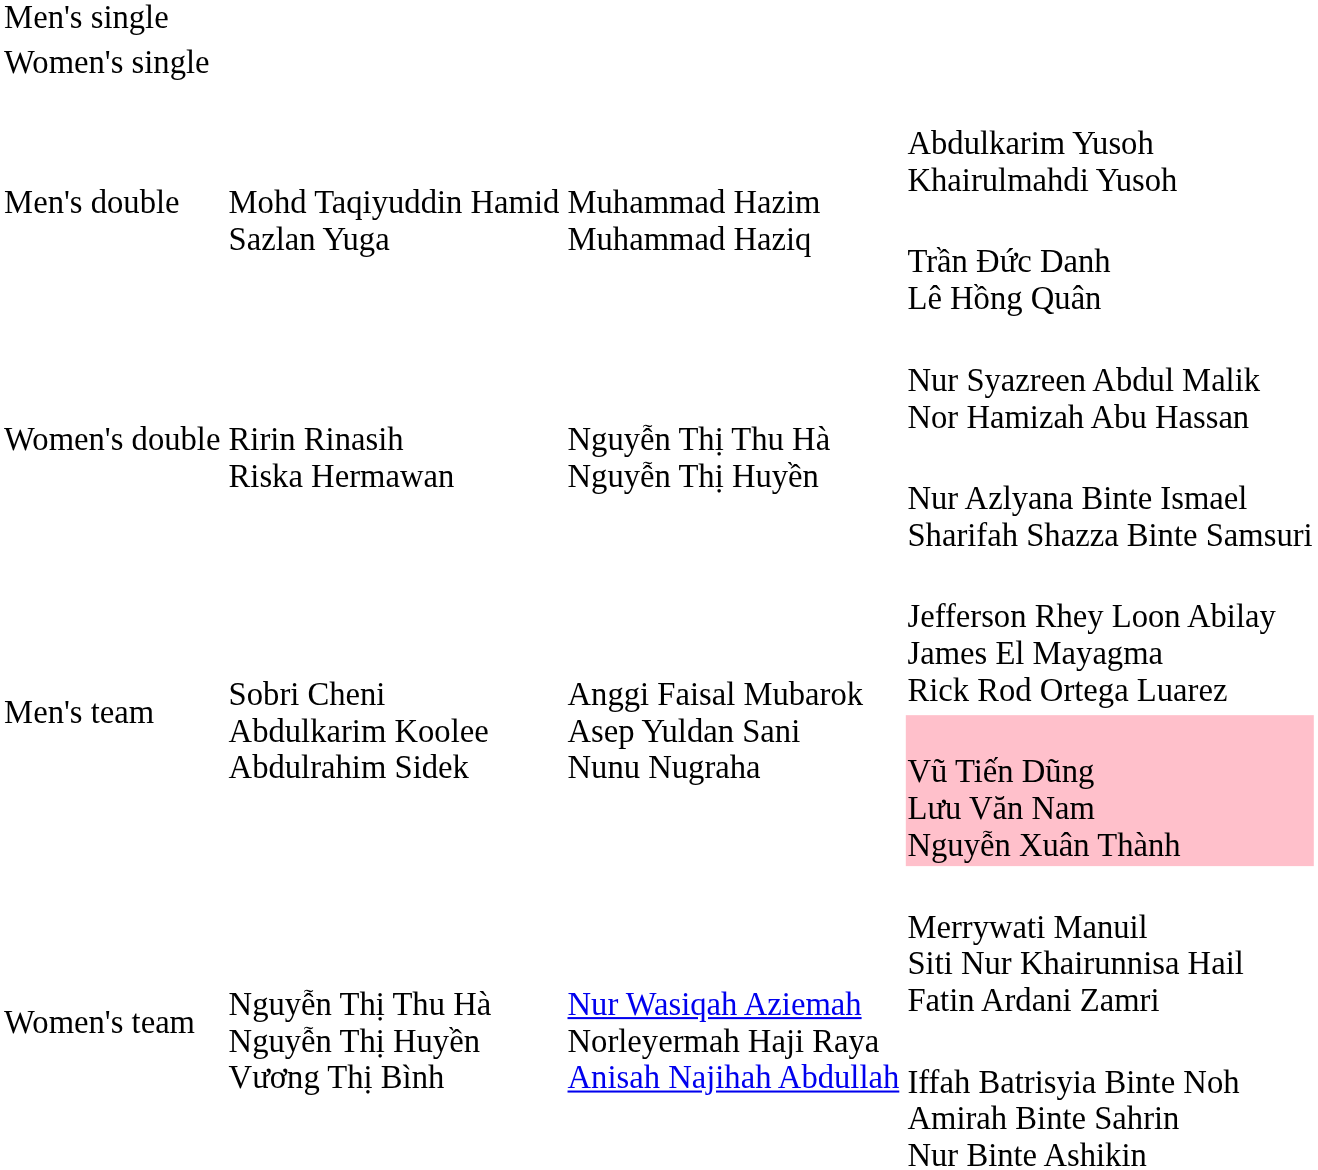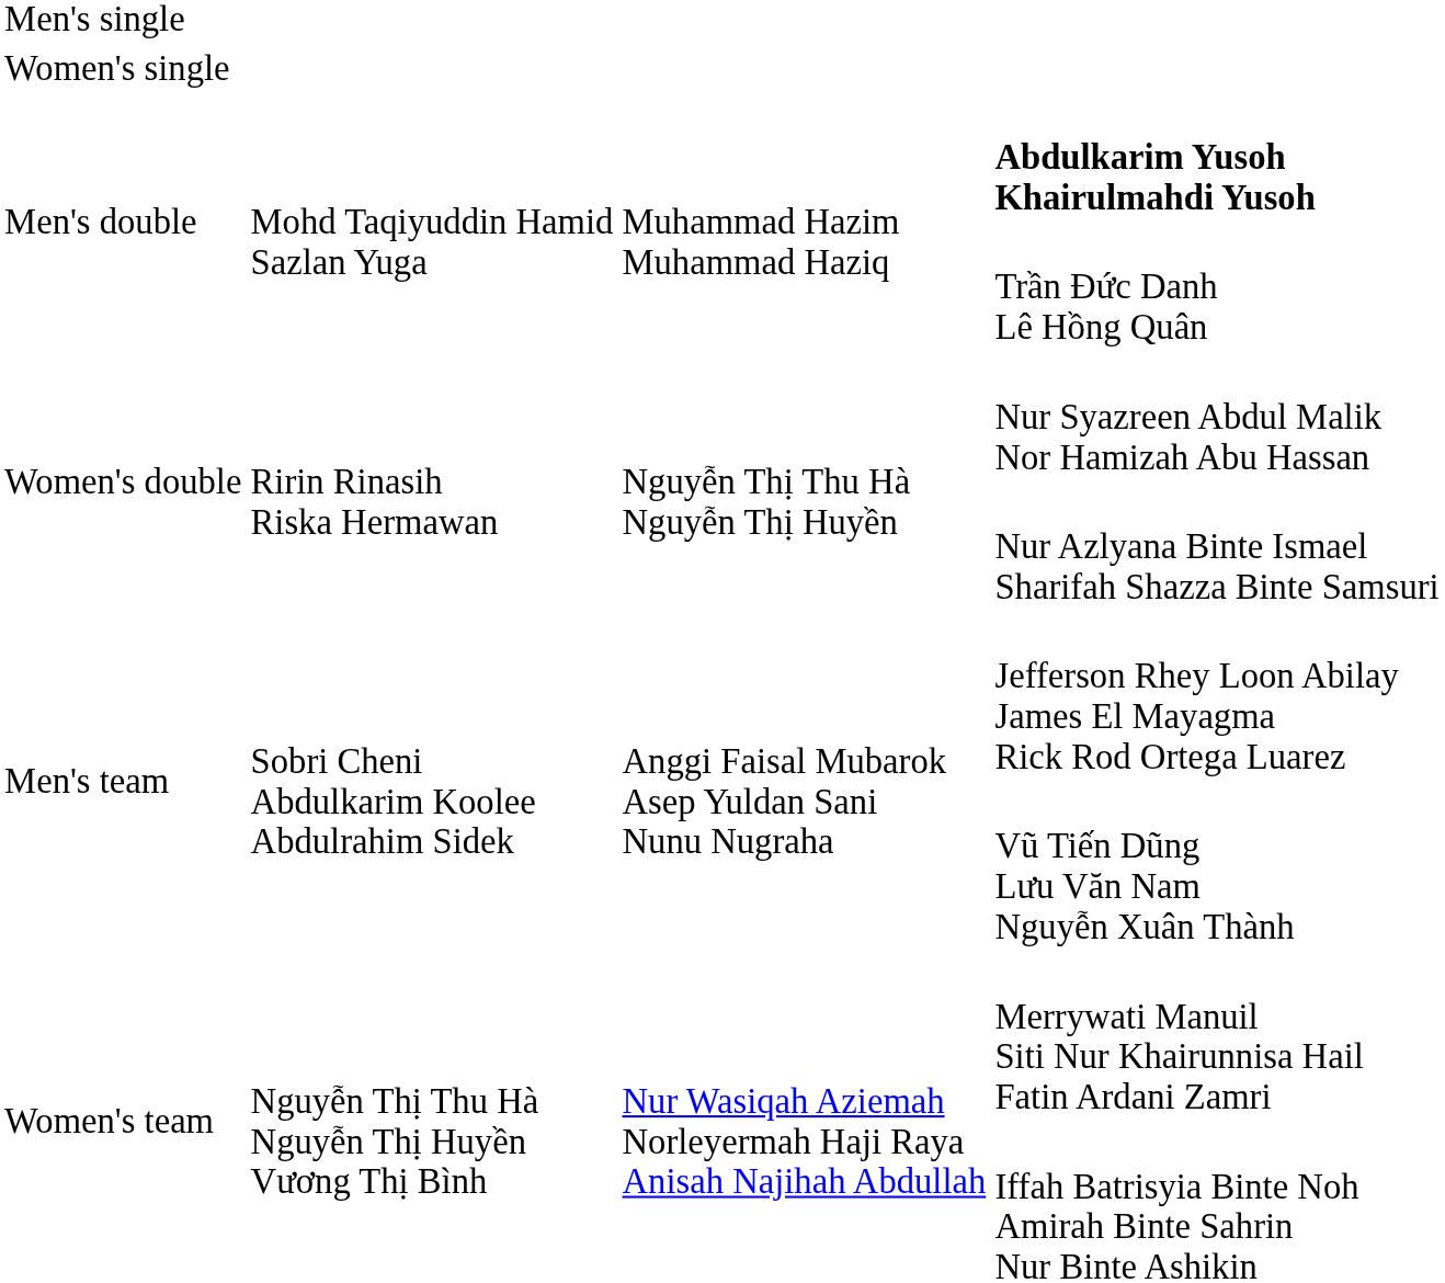 <table>
 <tr>
 <td rowspan=2>Men's single</td>
 <td rowspan=2></td>
 <td rowspan=2></td>
 <td></td>
 </tr>
 <tr>
 <td></td>
 </tr>
 <tr>
 <td rowspan=2>Women's single</td>
 <td rowspan=2></td>
 <td rowspan=2></td>
 <td></td>
 </tr>
 <tr>
 <td></td>
 </tr>
 <tr>
 <td rowspan=2>Men's double</td>
 <td rowspan=2><br>Mohd Taqiyuddin Hamid<br>Sazlan Yuga</td>
 <td rowspan=2><br>Muhammad Hazim<br> Muhammad Haziq</td>
-<td><br>Abdulkarim Yusoh<br>Khairulmahdi Yusoh</td>
+<td><strong><br>Abdulkarim Yusoh<br>Khairulmahdi Yusoh</strong></td>
 </tr>
 <tr>
 <td><br>Trần Đức Danh<br>Lê Hồng Quân</td>
 </tr>
 <tr>
 <td rowspan=2>Women's double</td>
 <td rowspan=2><br>Ririn Rinasih<br>Riska Hermawan</td>
 <td rowspan=2><br>Nguyễn Thị Thu Hà<br>Nguyễn Thị Huyền</td>
 <td><br>Nur Syazreen Abdul Malik<br>Nor Hamizah Abu Hassan</td>
 </tr>
 <tr>
 <td><br>Nur Azlyana Binte Ismael<br>Sharifah Shazza Binte Samsuri</td>
 </tr>
 <tr>
 <td rowspan=2>Men's team</td>
 <td rowspan=2><br>Sobri Cheni<br>Abdulkarim Koolee<br>Abdulrahim Sidek</td>
 <td rowspan=2><br>Anggi Faisal Mubarok<br>Asep Yuldan Sani<br>Nunu Nugraha</td>
 <td><br>Jefferson Rhey Loon Abilay<br>James El Mayagma<br>Rick Rod Ortega Luarez</td>
 </tr>
 <tr>
-<td style="background: pink;"><br>Vũ Tiến Dũng <br>Lưu Văn Nam<br>Nguyễn Xuân Thành</td>
+<td><br>Vũ Tiến Dũng <br>Lưu Văn Nam<br>Nguyễn Xuân Thành</td>
 </tr>
 <tr>
 <td rowspan=2>Women's team</td>
 <td rowspan=2><br> Nguyễn Thị Thu Hà<br>Nguyễn Thị Huyền<br>Vương Thị Bình</td>
 <td rowspan=2><br><a href='#'>Nur Wasiqah Aziemah</a><br>Norleyermah Haji Raya<br><a href='#'>Anisah Najihah Abdullah</a></td>
 <td><br>Merrywati Manuil<br>Siti Nur Khairunnisa Hail<br>Fatin Ardani Zamri</td>
 </tr>
 <tr>
 <td><br>Iffah Batrisyia Binte Noh<br>Amirah Binte Sahrin<br>Nur Binte Ashikin</td>
 </tr>
 <tr>
 </tr>
 </table>
